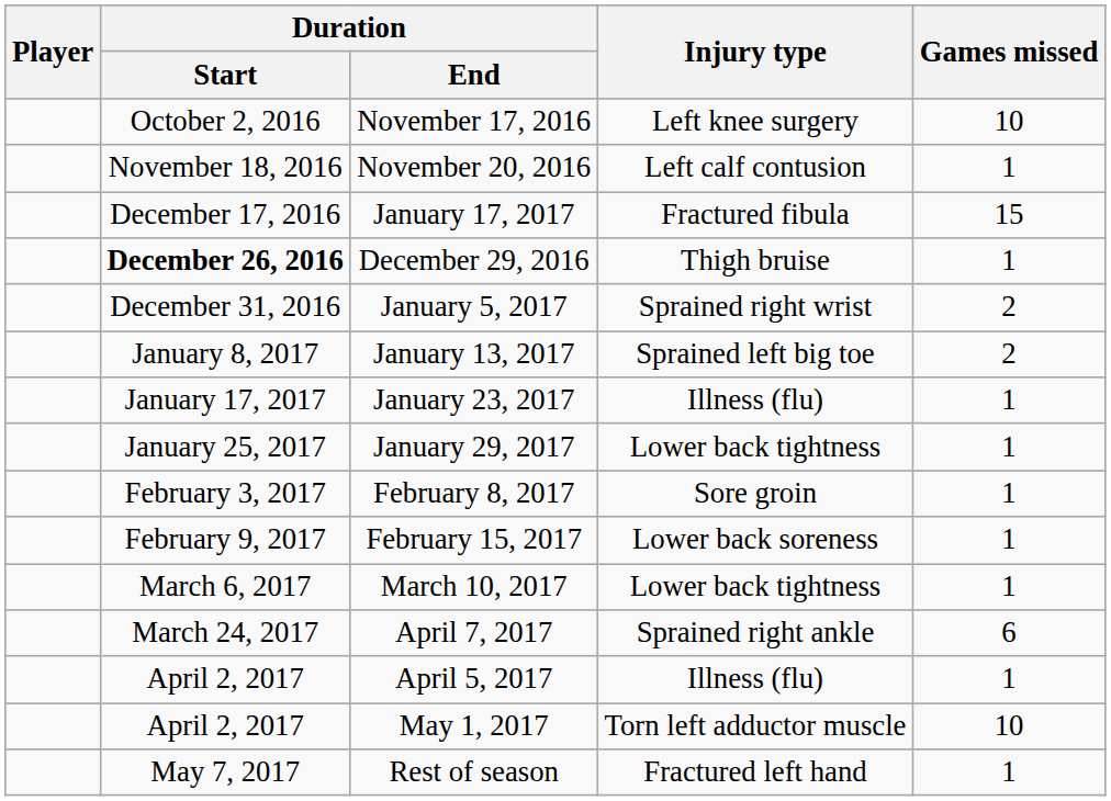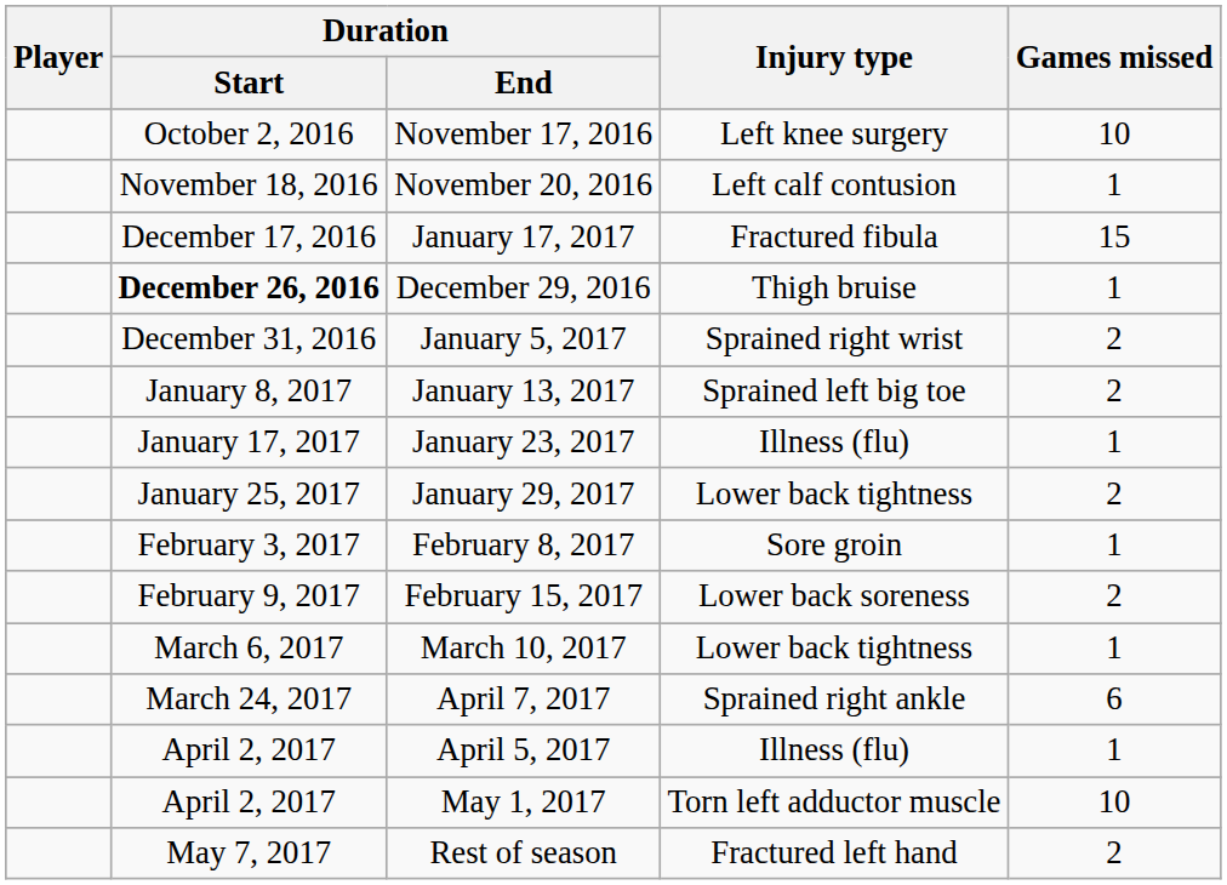 <table class="wikitable sortable" style="text-align:center;">
 <tr>
 <th rowspan="2">Player</th>
 <th colspan="2">Duration</th>
 <th rowspan="2">Injury type</th>
 <th rowspan="2">Games missed</th>
 </tr>
 <tr>
 <th>Start</th>
 <th>End<br></th>
 </tr>
 <tr>
 <td></td>
 <td>October 2, 2016</td>
 <td>November 17, 2016</td>
 <td>Left knee surgery</td>
 <td>10</td>
 </tr>
 <tr>
 <td></td>
 <td>November 18, 2016</td>
 <td>November 20, 2016</td>
 <td>Left calf contusion</td>
 <td>1</td>
 </tr>
 <tr>
 <td></td>
 <td>December 17, 2016</td>
 <td>January 17, 2017</td>
 <td>Fractured fibula</td>
 <td>15</td>
 </tr>
 <tr>
 <td></td>
 <td><strong>December 26, 2016</strong></td>
 <td>December 29, 2016</td>
 <td>Thigh bruise</td>
 <td>1</td>
 </tr>
 <tr>
 <td></td>
 <td>December 31, 2016</td>
 <td>January 5, 2017</td>
 <td>Sprained right wrist</td>
 <td>2</td>
 </tr>
 <tr>
 <td></td>
 <td>January 8, 2017</td>
 <td>January 13, 2017</td>
 <td>Sprained left big toe</td>
 <td>2</td>
 </tr>
 <tr>
 <td></td>
 <td>January 17, 2017</td>
 <td>January 23, 2017</td>
 <td>Illness (flu)</td>
 <td>1</td>
 </tr>
 <tr>
 <td></td>
 <td>January 25, 2017</td>
 <td>January 29, 2017</td>
 <td>Lower back tightness</td>
-<td>1</td>
+<td>2</td>
 </tr>
 <tr>
 <td></td>
 <td>February 3, 2017</td>
 <td>February 8, 2017</td>
 <td>Sore groin</td>
 <td>1</td>
 </tr>
 <tr>
 <td></td>
 <td>February 9, 2017</td>
 <td>February 15, 2017</td>
 <td>Lower back soreness</td>
-<td>1</td>
+<td>2</td>
 </tr>
 <tr>
 <td></td>
 <td>March 6, 2017</td>
 <td>March 10, 2017</td>
 <td>Lower back tightness</td>
 <td>1</td>
 </tr>
 <tr>
 <td></td>
 <td>March 24, 2017</td>
 <td>April 7, 2017</td>
 <td>Sprained right ankle</td>
 <td>6</td>
 </tr>
 <tr>
 <td></td>
 <td>April 2, 2017</td>
 <td>April 5, 2017</td>
 <td>Illness (flu)</td>
 <td>1</td>
 </tr>
 <tr>
 <td></td>
 <td>April 2, 2017</td>
 <td>May 1, 2017</td>
 <td>Torn left adductor muscle</td>
 <td>10</td>
 </tr>
 <tr>
 <td></td>
 <td>May 7, 2017</td>
 <td>Rest of season</td>
 <td>Fractured left hand</td>
-<td>1</td>
+<td>2</td>
 </tr>
 </table>
